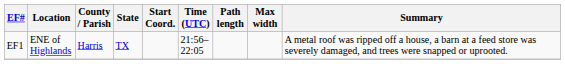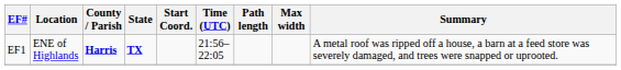 <table class="wikitable sortable" style="width:100%;">
 <tr>
 <th scope="col"  style="width:3%; text-align:center;"><a href='#'>EF#</a></th>
 <th scope="col"  style="width:7%; text-align:center;" class="unsortable">Location</th>
 <th scope="col"  style="width:6%; text-align:center;" class="unsortable">County / Parish</th>
 <th scope="col"  style="width:5%; text-align:center;">State</th>
 <th scope="col"  style="width:6%; text-align:center;">Start Coord.</th>
 <th scope="col"  style="width:6%; text-align:center;">Time (<a href='#'>UTC</a>)</th>
 <th scope="col"  style="width:6%; text-align:center;">Path length</th>
 <th scope="col"  style="width:6%; text-align:center;">Max width</th>
 <th scope="col" class="unsortable" style="width:48%; text-align:center;">Summary</th>
 </tr>
 <tr>
 <td bgcolor=>EF1</td>
 <td>ENE of <a href='#'>Highlands</a></td>
-<td><a href='#'>Harris</a></td>
-<td><a href='#'>TX</a></td>
+<td><strong><a href='#'>Harris</a></strong></td>
+<td><strong><a href='#'>TX</a></strong></td>
 <td></td>
 <td>21:56–22:05</td>
 <td></td>
 <td></td>
 <td>A metal roof was ripped off a house, a barn at a feed store was severely damaged, and trees were snapped or uprooted.</td>
 </tr>
 <tr>
 </tr>
 </table>
